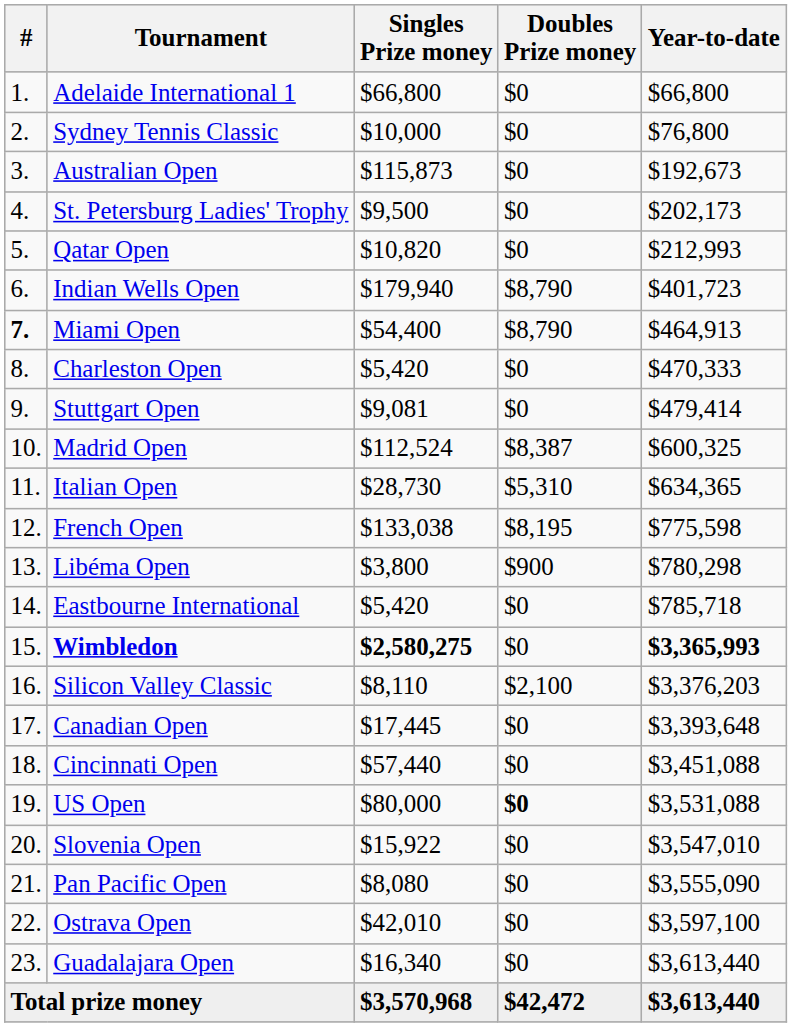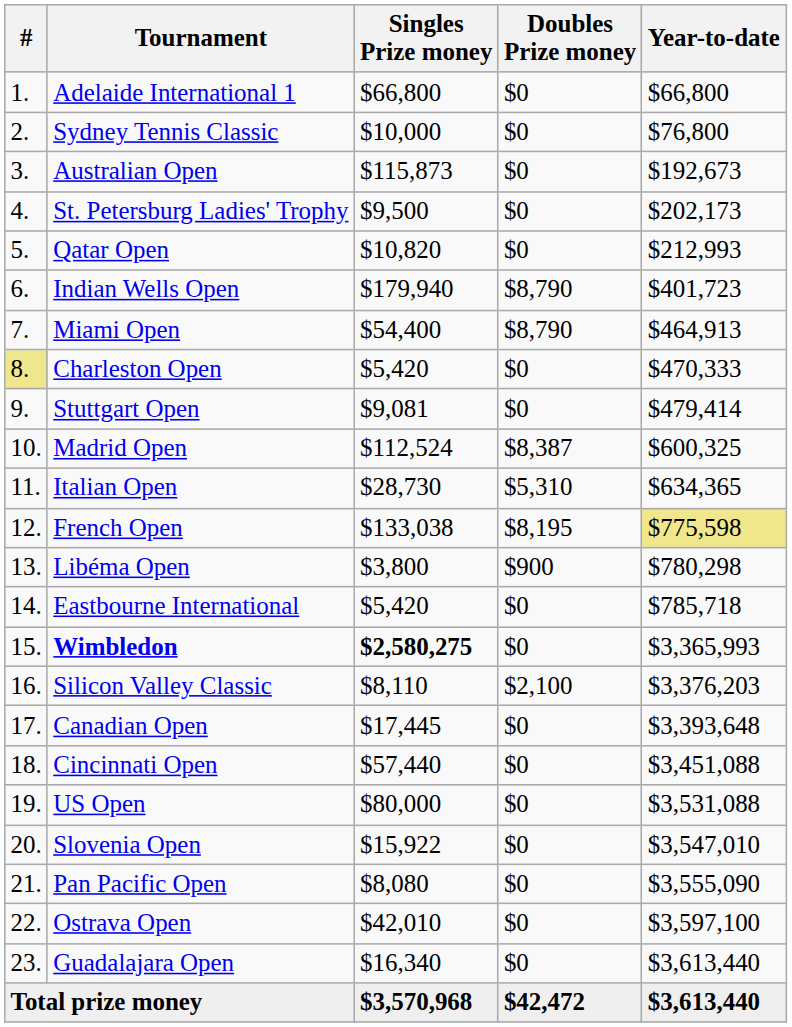 <table class="wikitable sortable">
 <tr>
 <th>#</th>
 <th>Tournament</th>
 <th>Singles<br>Prize money</th>
 <th>Doubles<br>Prize money</th>
 <th>Year-to-date</th>
 </tr>
 <tr>
 <td>1.</td>
 <td><a href='#'>Adelaide International 1</a></td>
 <td>$66,800</td>
 <td>$0</td>
 <td>$66,800</td>
 </tr>
 <tr>
 <td>2.</td>
 <td><a href='#'>Sydney Tennis Classic</a></td>
 <td>$10,000</td>
 <td>$0</td>
 <td>$76,800</td>
 </tr>
 <tr>
 <td>3.</td>
 <td><a href='#'>Australian Open</a></td>
 <td>$115,873</td>
 <td>$0</td>
 <td>$192,673</td>
 </tr>
 <tr>
 <td>4.</td>
 <td><a href='#'>St. Petersburg Ladies' Trophy</a></td>
 <td>$9,500</td>
 <td>$0</td>
 <td>$202,173</td>
 </tr>
 <tr>
 <td>5.</td>
 <td><a href='#'>Qatar Open</a></td>
 <td>$10,820</td>
 <td>$0</td>
 <td>$212,993</td>
 </tr>
 <tr>
 <td>6.</td>
 <td><a href='#'>Indian Wells Open</a></td>
 <td>$179,940</td>
 <td>$8,790</td>
 <td>$401,723</td>
 </tr>
 <tr>
-<td><strong>7.</strong></td>
+<td>7.</td>
 <td><a href='#'>Miami Open</a></td>
 <td>$54,400</td>
 <td>$8,790</td>
 <td>$464,913</td>
 </tr>
 <tr>
-<td>8.</td>
+<td style="background: khaki;">8.</td>
 <td><a href='#'>Charleston Open</a></td>
 <td>$5,420</td>
 <td>$0</td>
 <td>$470,333</td>
 </tr>
 <tr>
 <td>9.</td>
 <td><a href='#'>Stuttgart Open</a></td>
 <td>$9,081</td>
 <td>$0</td>
 <td>$479,414</td>
 </tr>
 <tr>
 <td>10.</td>
 <td><a href='#'>Madrid Open</a></td>
 <td>$112,524</td>
 <td>$8,387</td>
 <td>$600,325</td>
 </tr>
 <tr>
 <td>11.</td>
 <td><a href='#'>Italian Open</a></td>
 <td>$28,730</td>
 <td>$5,310</td>
 <td>$634,365</td>
 </tr>
 <tr>
 <td>12.</td>
 <td><a href='#'>French Open</a></td>
 <td>$133,038</td>
 <td>$8,195</td>
-<td>$775,598</td>
+<td style="background: khaki;">$775,598</td>
 </tr>
 <tr>
 <td>13.</td>
 <td><a href='#'>Libéma Open</a></td>
 <td>$3,800</td>
 <td>$900</td>
 <td>$780,298</td>
 </tr>
 <tr>
 <td>14.</td>
 <td><a href='#'>Eastbourne International</a></td>
 <td>$5,420</td>
 <td>$0</td>
 <td>$785,718</td>
 </tr>
 <tr>
 <td>15.</td>
 <td><strong><a href='#'>Wimbledon</a></strong></td>
 <td><strong>$2,580,275</strong></td>
 <td>$0</td>
-<td><strong>$3,365,993</strong></td>
+<td>$3,365,993</td>
 </tr>
 <tr>
 <td>16.</td>
 <td><a href='#'>Silicon Valley Classic</a></td>
 <td>$8,110</td>
 <td>$2,100</td>
 <td>$3,376,203</td>
 </tr>
 <tr>
 <td>17.</td>
 <td><a href='#'>Canadian Open</a></td>
 <td>$17,445</td>
 <td>$0</td>
 <td>$3,393,648</td>
 </tr>
 <tr>
 <td>18.</td>
 <td><a href='#'>Cincinnati Open</a></td>
 <td>$57,440</td>
 <td>$0</td>
 <td>$3,451,088</td>
 </tr>
 <tr>
 <td>19.</td>
 <td><a href='#'>US Open</a></td>
 <td>$80,000</td>
-<td><strong>$0</strong></td>
+<td>$0</td>
 <td>$3,531,088</td>
 </tr>
 <tr>
 <td>20.</td>
 <td><a href='#'>Slovenia Open</a></td>
 <td>$15,922</td>
 <td>$0</td>
 <td>$3,547,010</td>
 </tr>
 <tr>
 <td>21.</td>
 <td><a href='#'>Pan Pacific Open</a></td>
 <td>$8,080</td>
 <td>$0</td>
 <td>$3,555,090</td>
 </tr>
 <tr>
 <td>22.</td>
 <td><a href='#'>Ostrava Open</a></td>
 <td>$42,010</td>
 <td>$0</td>
 <td>$3,597,100</td>
 </tr>
 <tr>
 <td>23.</td>
 <td><a href='#'>Guadalajara Open</a></td>
 <td>$16,340</td>
 <td>$0</td>
 <td>$3,613,440</td>
 </tr>
 <tr style="background:#efefef">
 <td colspan="2"><strong>Total prize money</strong></td>
 <td><strong>$3,570,968</strong></td>
 <td><strong>$42,472</strong></td>
 <td><strong>$3,613,440</strong></td>
 </tr>
 </table>
